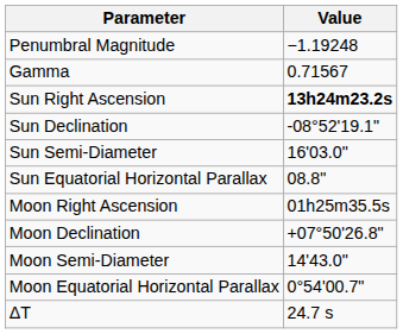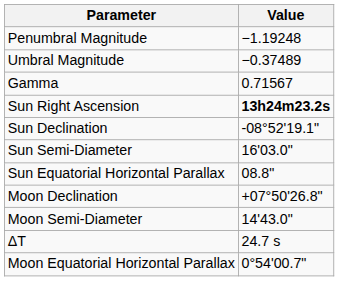 <table class="wikitable">
 <tr>
 <th>Parameter</th>
 <th>Value</th>
 </tr>
 <tr>
 <td>Penumbral Magnitude</td>
 <td>−1.19248</td>
+</tr>
+<tr>
+<td>Umbral Magnitude</td>
+<td>−0.37489</td>
 </tr>
 <tr>
 <td>Gamma</td>
 <td>0.71567</td>
 </tr>
 <tr>
 <td>Sun Right Ascension</td>
 <td><strong>13h24m23.2s</strong></td>
 </tr>
 <tr>
 <td>Sun Declination</td>
 <td>-08°52'19.1"</td>
 </tr>
 <tr>
 <td>Sun Semi-Diameter</td>
 <td>16'03.0"</td>
 </tr>
 <tr>
 <td>Sun Equatorial Horizontal Parallax</td>
 <td>08.8"</td>
 </tr>
 <tr>
-<td>Moon Right Ascension</td>
-<td>01h25m35.5s</td>
-</tr>
-<tr>
 <td>Moon Declination</td>
 <td>+07°50'26.8"</td>
 </tr>
 <tr>
 <td>Moon Semi-Diameter</td>
 <td>14'43.0"</td>
 </tr>
 <tr>
+<td>ΔT</td>
+<td>24.7 s</td>
+</tr>
+<tr>
 <td>Moon Equatorial Horizontal Parallax</td>
 <td>0°54'00.7"</td>
 </tr>
-<tr>
-<td>ΔT</td>
-<td>24.7 s</td>
-</tr>
 </table>
